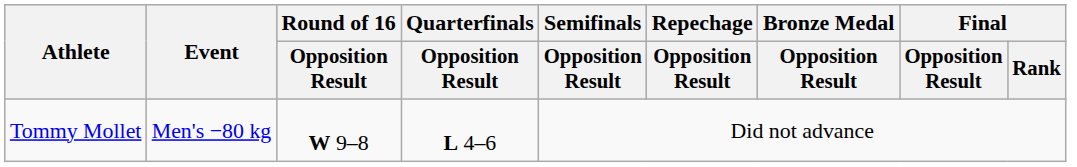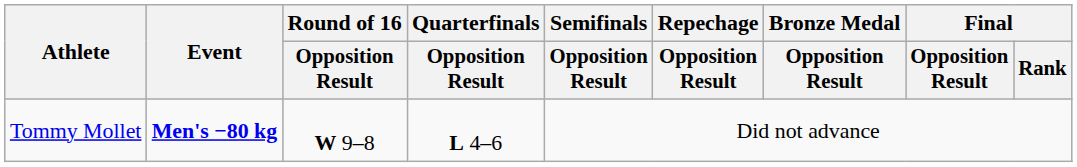 <table class="wikitable" style="font-size:90%">
 <tr>
 <th rowspan="2">Athlete</th>
 <th rowspan="2">Event</th>
 <th>Round of 16</th>
 <th>Quarterfinals</th>
 <th>Semifinals</th>
 <th>Repechage</th>
 <th>Bronze Medal</th>
 <th colspan=2>Final</th>
 </tr>
 <tr style="font-size:95%">
 <th>Opposition<br>Result</th>
 <th>Opposition<br>Result</th>
 <th>Opposition<br>Result</th>
 <th>Opposition<br>Result</th>
 <th>Opposition<br>Result</th>
 <th>Opposition<br>Result</th>
 <th>Rank</th>
 </tr>
 <tr align=center>
 <td align=left><a href='#'>Tommy Mollet</a></td>
-<td align=left><a href='#'>Men's −80 kg</a></td>
+<td align=left><strong><a href='#'>Men's −80 kg</a></strong></td>
 <td><br><strong>W</strong> 9–8 </td>
 <td><br><strong>L</strong> 4–6</td>
 <td colspan=5>Did not advance</td>
 </tr>
 </table>
